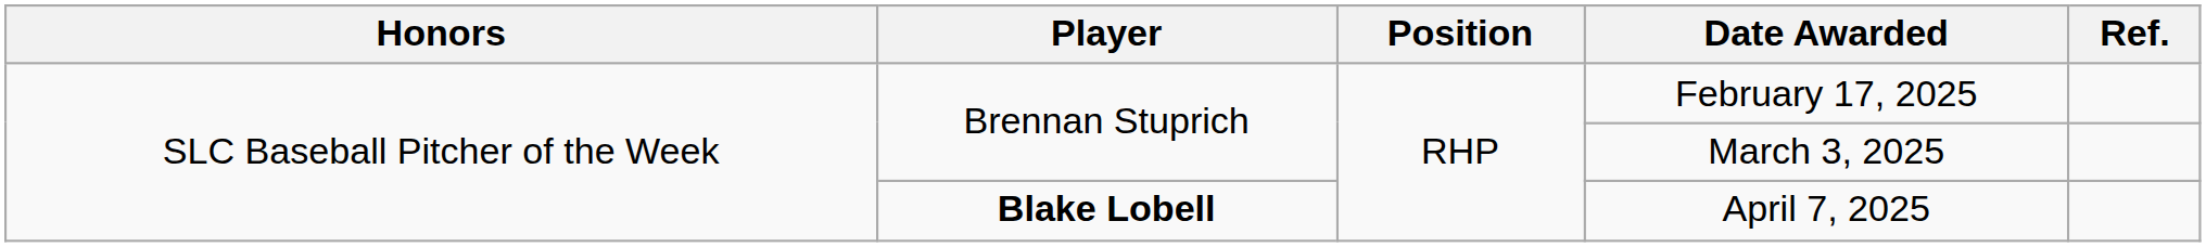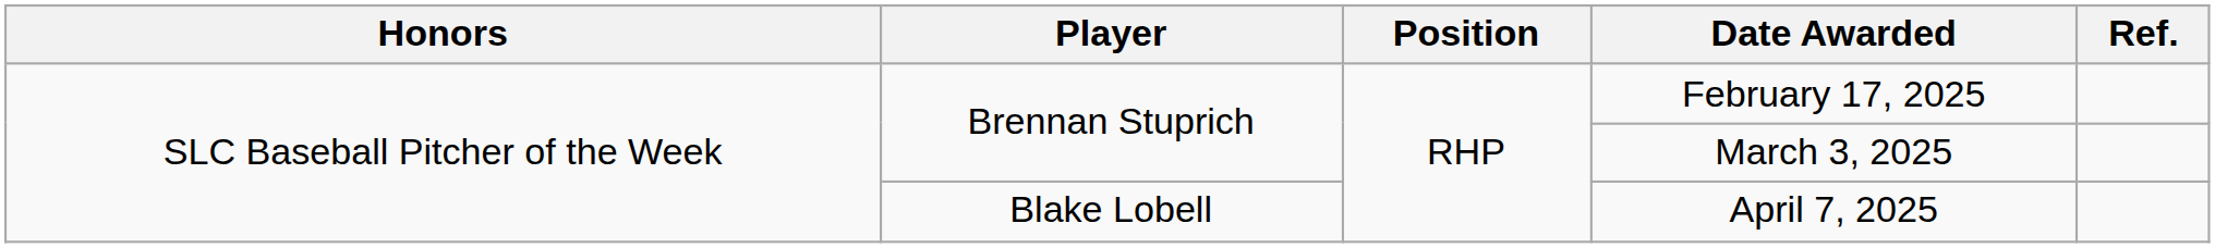 <table class="wikitable" style="width: 60%;text-align: center;">
 <tr>
 <th>Honors</th>
 <th>Player</th>
 <th>Position</th>
 <th>Date Awarded</th>
 <th>Ref.</th>
 </tr>
 <tr align="center">
 <td rowspan="3">SLC Baseball Pitcher of the Week</td>
 <td rowspan="2">Brennan Stuprich</td>
 <td rowspan="3">RHP</td>
 <td>February 17, 2025</td>
 <td></td>
 </tr>
 <tr align="center">
 <td>March 3, 2025</td>
 <td></td>
 </tr>
 <tr align="center">
-<td><strong>Blake Lobell</strong></td>
+<td>Blake Lobell</td>
 <td>April 7, 2025</td>
 <td></td>
 </tr>
 </table>
